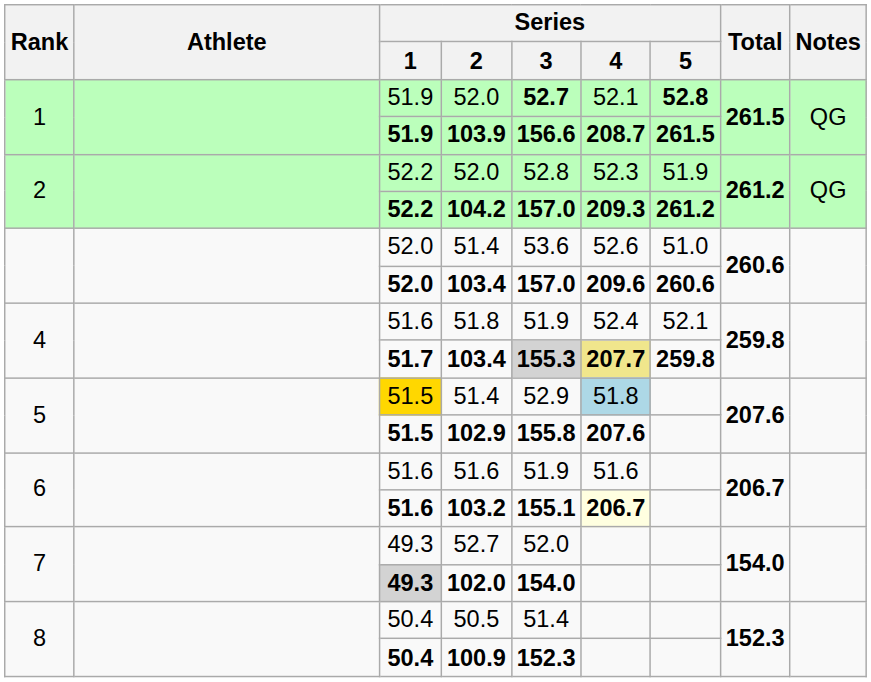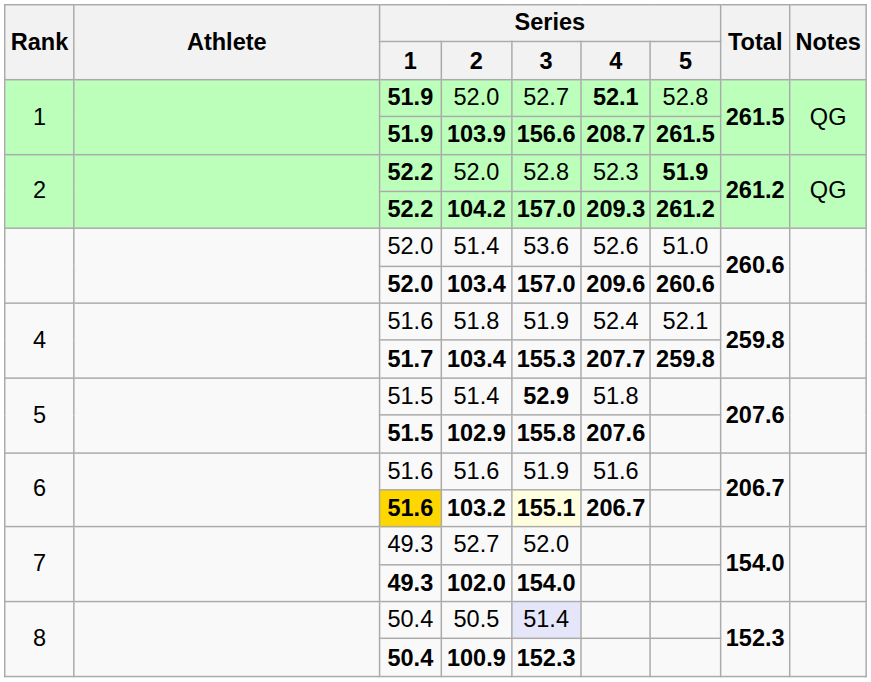 <table class="wikitable" style="text-align:center">
 <tr>
 <th rowspan=2 width=40>Rank</th>
 <th rowspan=2 width=200>Athlete</th>
 <th colspan=5>Series</th>
 <th rowspan=2 width=40>Total</th>
 <th rowspan=2>Notes</th>
 </tr>
 <tr>
 <th width=35>1</th>
 <th width=35>2</th>
 <th width=35>3</th>
 <th width=35>4</th>
 <th width=35>5</th>
 </tr>
 <tr bgcolor=bbffbb>
 <td rowspan=2>1</td>
 <td rowspan=2 align=left></td>
-<td>51.9</td>
+<td><strong>51.9</strong></td>
 <td>52.0</td>
-<td><strong>52.7</strong></td>
-<td>52.1</td>
-<td><strong>52.8</strong></td>
+<td>52.7</td>
+<td><strong>52.1</strong></td>
+<td>52.8</td>
 <td rowspan=2><strong>261.5</strong></td>
 <td rowspan=2>QG</td>
 </tr>
 <tr bgcolor=bbffbb>
 <td><strong>51.9</strong></td>
 <td><strong>103.9</strong></td>
 <td><strong>156.6</strong></td>
 <td><strong>208.7</strong></td>
 <td><strong>261.5</strong></td>
 </tr>
 <tr bgcolor=bbffbb>
 <td rowspan=2>2</td>
 <td rowspan=2 align=left></td>
-<td>52.2</td>
+<td><strong>52.2</strong></td>
 <td>52.0</td>
 <td>52.8</td>
 <td>52.3</td>
-<td>51.9</td>
+<td><strong>51.9</strong></td>
 <td rowspan=2><strong>261.2</strong></td>
 <td rowspan=2>QG</td>
 </tr>
 <tr bgcolor=bbffbb>
 <td><strong>52.2</strong></td>
 <td><strong>104.2</strong></td>
 <td><strong>157.0</strong></td>
 <td><strong>209.3</strong></td>
 <td><strong>261.2</strong></td>
 </tr>
 <tr>
 <td rowspan=2></td>
 <td rowspan=2 align=left></td>
 <td>52.0</td>
 <td>51.4</td>
 <td>53.6</td>
 <td>52.6</td>
 <td>51.0</td>
 <td rowspan=2><strong>260.6</strong></td>
 <td rowspan=2></td>
 </tr>
 <tr>
 <td><strong>52.0</strong></td>
 <td><strong>103.4</strong></td>
 <td><strong>157.0</strong></td>
 <td><strong>209.6</strong></td>
 <td><strong>260.6</strong></td>
 </tr>
 <tr>
 <td rowspan=2>4</td>
 <td rowspan=2 align=left></td>
 <td>51.6</td>
 <td>51.8</td>
 <td>51.9</td>
 <td>52.4</td>
 <td>52.1</td>
 <td rowspan=2><strong>259.8</strong></td>
 <td rowspan=2></td>
 </tr>
 <tr>
 <td><strong>51.7</strong></td>
 <td><strong>103.4</strong></td>
-<td style="background: lightgrey;"><strong>155.3</strong></td>
-<td style="background: khaki;"><strong>207.7</strong></td>
+<td><strong>155.3</strong></td>
+<td><strong>207.7</strong></td>
 <td><strong>259.8</strong></td>
 </tr>
 <tr>
 <td rowspan=2>5</td>
 <td rowspan=2 align=left></td>
-<td style="background: gold;">51.5</td>
+<td>51.5</td>
 <td>51.4</td>
-<td>52.9</td>
-<td style="background: lightblue;">51.8</td>
+<td><strong>52.9</strong></td>
+<td>51.8</td>
 <td></td>
 <td rowspan=2><strong>207.6</strong></td>
 <td rowspan=2></td>
 </tr>
 <tr>
 <td><strong>51.5</strong></td>
 <td><strong>102.9</strong></td>
 <td><strong>155.8</strong></td>
 <td><strong>207.6</strong></td>
 <td></td>
 </tr>
 <tr>
 <td rowspan=2>6</td>
 <td rowspan=2 align=left></td>
 <td>51.6</td>
 <td>51.6</td>
 <td>51.9</td>
 <td>51.6</td>
 <td></td>
 <td rowspan=2><strong>206.7</strong></td>
 <td rowspan=2></td>
 </tr>
 <tr>
-<td><strong>51.6</strong></td>
+<td style="background: gold;"><strong>51.6</strong></td>
 <td><strong>103.2</strong></td>
-<td><strong>155.1</strong></td>
-<td style="background: lightyellow;"><strong>206.7</strong></td>
+<td style="background: lightyellow;"><strong>155.1</strong></td>
+<td><strong>206.7</strong></td>
 <td></td>
 </tr>
 <tr>
 <td rowspan=2>7</td>
 <td rowspan=2 align=left></td>
 <td>49.3</td>
 <td>52.7</td>
 <td>52.0</td>
 <td></td>
 <td></td>
 <td rowspan=2><strong>154.0</strong></td>
 <td rowspan=2></td>
 </tr>
 <tr>
-<td style="background: lightgrey;"><strong>49.3</strong></td>
+<td><strong>49.3</strong></td>
 <td><strong>102.0</strong></td>
 <td><strong>154.0</strong></td>
 <td></td>
 <td></td>
 </tr>
 <tr>
 <td rowspan=2>8</td>
 <td rowspan=2 align=left></td>
 <td>50.4</td>
 <td>50.5</td>
-<td>51.4</td>
+<td style="background: lavender;">51.4</td>
 <td></td>
 <td></td>
 <td rowspan=2><strong>152.3</strong></td>
 <td rowspan=2></td>
 </tr>
 <tr>
 <td><strong>50.4</strong></td>
 <td><strong>100.9</strong></td>
 <td><strong>152.3</strong></td>
 <td></td>
 <td></td>
 </tr>
 </table>
